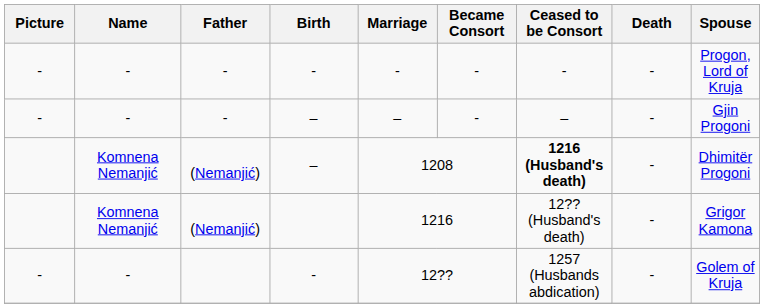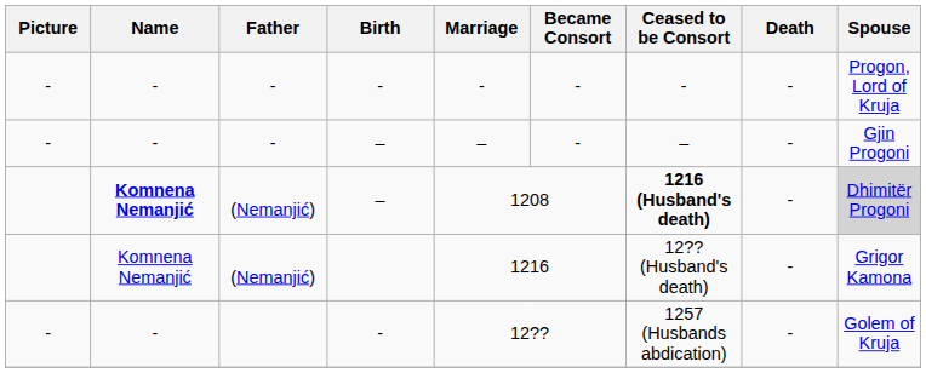 <table width=95% class="wikitable">
 <tr>
 <th width = "8%">Picture</th>
 <th width = "12%">Name</th>
 <th width = "10%">Father</th>
 <th width = "10%">Birth</th>
 <th width = "9%">Marriage</th>
 <th width = "9%">Became Consort</th>
 <th width = "9%">Ceased to be Consort</th>
 <th width = "9%">Death</th>
 <th width = "6%">Spouse</th>
 </tr>
 <tr>
 <td align="center">-</td>
 <td align="center">-</td>
 <td align="center">-</td>
 <td align="center">-</td>
 <td align="center">-</td>
 <td align="center">-</td>
 <td align="center">-</td>
 <td align="center">-</td>
 <td align="center"><a href='#'>Progon, Lord of Kruja</a></td>
 </tr>
 <tr>
 <td align="center">-</td>
 <td align="center">-</td>
 <td align="center">-</td>
 <td align="center">–</td>
 <td align="center">–</td>
 <td align="center">-</td>
 <td align="center">–</td>
 <td align="center">-</td>
 <td align="center"><a href='#'>Gjin Progoni</a></td>
 </tr>
 <tr>
 <td align="center"></td>
-<td align="center"><a href='#'>Komnena Nemanjić</a></td>
+<td align="center"><strong><a href='#'>Komnena Nemanjić</a></strong></td>
 <td align="center"><br>(<a href='#'>Nemanjić</a>)</td>
 <td align="center">–</td>
 <td align=center colspan=2>1208</td>
 <td align="center"><strong>1216 (Husband's death)</strong></td>
 <td align="center">-</td>
-<td align="center"><a href='#'>Dhimitër Progoni</a></td>
+<td align="center" style="background: lightgrey;"><a href='#'>Dhimitër Progoni</a></td>
 </tr>
 <tr>
 <td align="center"></td>
 <td align="center"><a href='#'>Komnena Nemanjić</a></td>
 <td align="center"><br>(<a href='#'>Nemanjić</a>)</td>
 <td align="center"></td>
 <td align=center colspan=2>1216</td>
 <td align="center">12?? (Husband's death)</td>
 <td align="center">-</td>
 <td align="center"><a href='#'>Grigor Kamona</a></td>
 </tr>
 <tr>
 <td align="center">-</td>
 <td align="center">-</td>
 <td align="center"></td>
 <td align="center">-</td>
 <td align=center colspan=2>12??</td>
 <td align="center">1257 (Husbands abdication)</td>
 <td align="center">-</td>
 <td align="center"><a href='#'>Golem of Kruja</a></td>
 </tr>
 <tr>
 </tr>
 </table>
